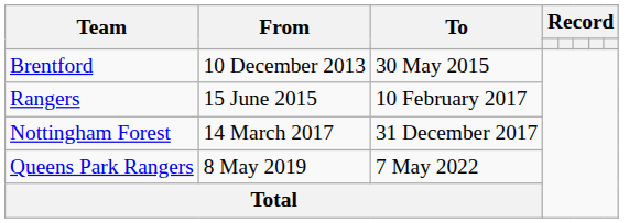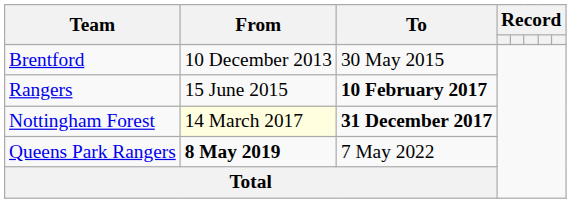 <table class="wikitable" style="text-align:center">
 <tr>
 <th rowspan="2">Team</th>
 <th rowspan="2">From</th>
 <th rowspan="2">To</th>
 <th colspan="5">Record</th>
 </tr>
 <tr>
 <th></th>
 <th></th>
 <th></th>
 <th></th>
 <th></th>
 </tr>
 <tr>
 <td align="left"><a href='#'>Brentford</a></td>
 <td align="left">10 December 2013</td>
 <td align="left">30 May 2015<br></td>
 </tr>
 <tr>
 <td align="left"><a href='#'>Rangers</a></td>
 <td align="left">15 June 2015</td>
-<td align="left">10 February 2017<br></td>
+<td align="left"><strong>10 February 2017<br></strong></td>
 </tr>
 <tr>
 <td align="left"><a href='#'>Nottingham Forest</a></td>
-<td align="left">14 March 2017</td>
-<td align="left">31 December 2017<br></td>
+<td align="left" style="background: lightyellow;">14 March 2017</td>
+<td align="left"><strong>31 December 2017<br></strong></td>
 </tr>
 <tr>
 <td align="left"><a href='#'>Queens Park Rangers</a></td>
-<td align="left">8 May 2019</td>
+<td align="left"><strong>8 May 2019</strong></td>
 <td align="left">7 May 2022<br></td>
 </tr>
 <tr>
 <th colspan="3">Total<br></th>
 </tr>
 </table>
